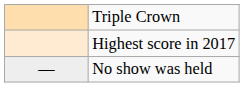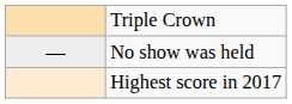 <table class="wikitable">
 <tr>
 <td width="75px" style="font-weight: bold; background: navajowhite;" align="center"></td>
 <td>Triple Crown</td>
 </tr>
 <tr>
+<td width="75px" style="background:#eee;" align="center">—</td>
+<td>No show was held</td>
+</tr>
+<tr>
 <td width="75px" style="background: #ffebd2;"></td>
 <td>Highest score in 2017</td>
 </tr>
-<tr>
-<td width="75px" style="background:#eee;" align="center">—</td>
-<td>No show was held</td>
-</tr>
 </table>
